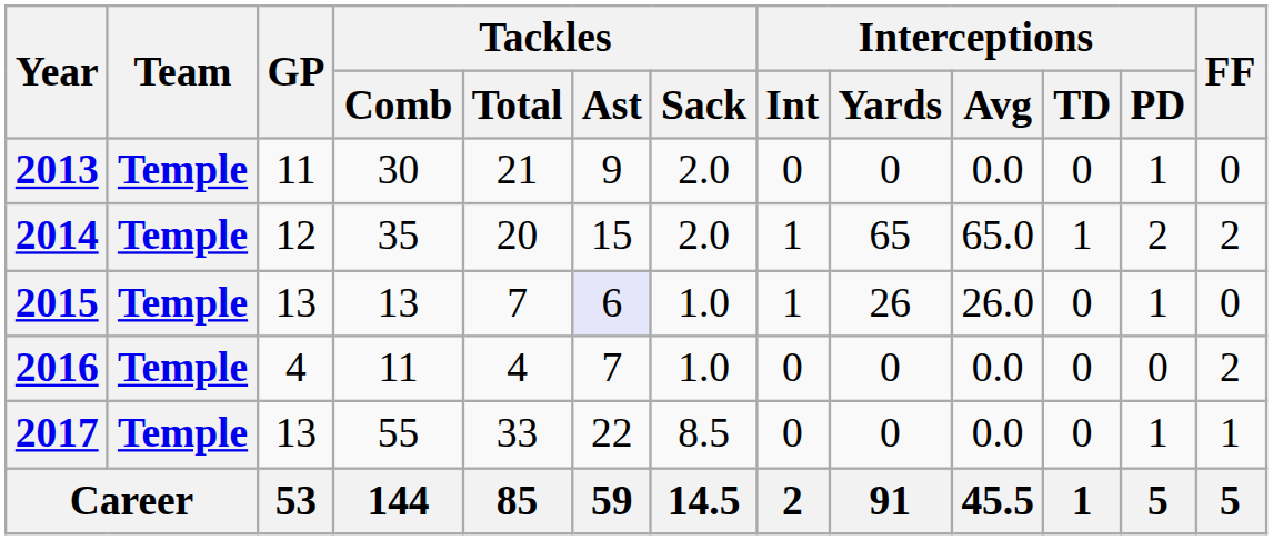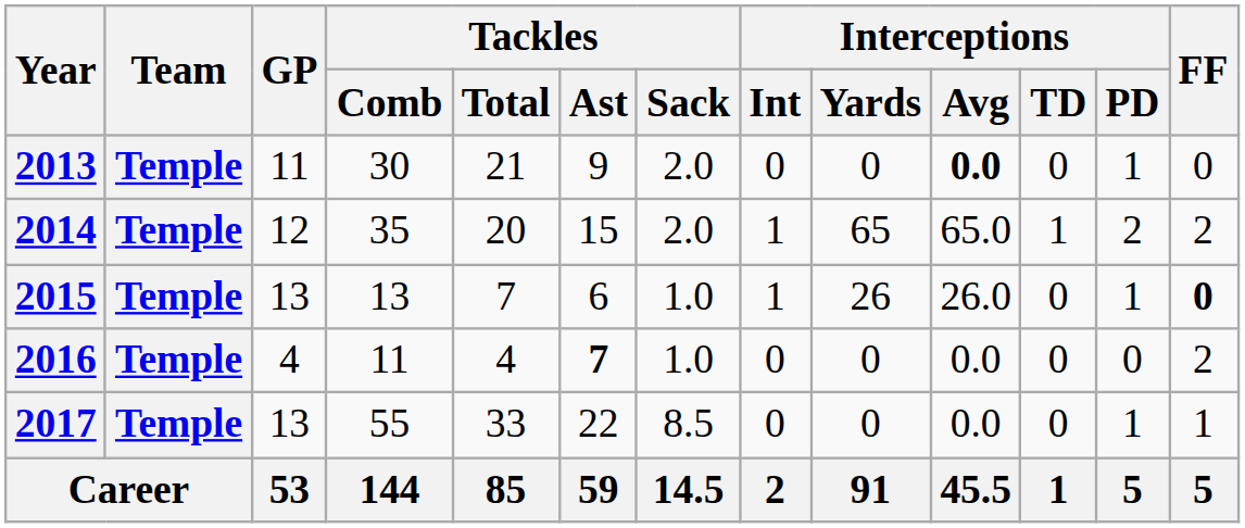 <table class="wikitable" style="text-align:center;">
 <tr>
 <th rowspan="2">Year</th>
 <th rowspan="2">Team</th>
 <th rowspan="2">GP</th>
 <th colspan="4">Tackles</th>
 <th colspan="5">Interceptions</th>
 <th rowspan="2">FF</th>
 </tr>
 <tr>
 <th>Comb</th>
 <th>Total</th>
 <th>Ast</th>
 <th>Sack</th>
 <th>Int</th>
 <th>Yards</th>
 <th>Avg</th>
 <th>TD</th>
 <th>PD</th>
 </tr>
 <tr>
 <th><a href='#'>2013</a></th>
 <th><a href='#'>Temple</a></th>
 <td>11</td>
 <td>30</td>
 <td>21</td>
 <td>9</td>
 <td>2.0</td>
 <td>0</td>
 <td>0</td>
-<td>0.0</td>
+<td><strong>0.0</strong></td>
 <td>0</td>
 <td>1</td>
 <td>0</td>
 </tr>
 <tr>
 <th><a href='#'>2014</a></th>
 <th><a href='#'>Temple</a></th>
 <td>12</td>
 <td>35</td>
 <td>20</td>
 <td>15</td>
 <td>2.0</td>
 <td>1</td>
 <td>65</td>
 <td>65.0</td>
 <td>1</td>
 <td>2</td>
 <td>2</td>
 </tr>
 <tr>
 <th><a href='#'>2015</a></th>
 <th><a href='#'>Temple</a></th>
 <td>13</td>
 <td>13</td>
 <td>7</td>
-<td style="background: lavender;">6</td>
+<td>6</td>
 <td>1.0</td>
 <td>1</td>
 <td>26</td>
 <td>26.0</td>
 <td>0</td>
 <td>1</td>
-<td>0</td>
+<td><strong>0</strong></td>
 </tr>
 <tr>
 <th><a href='#'>2016</a></th>
 <th><a href='#'>Temple</a></th>
 <td>4</td>
 <td>11</td>
 <td>4</td>
-<td>7</td>
+<td><strong>7</strong></td>
 <td>1.0</td>
 <td>0</td>
 <td>0</td>
 <td>0.0</td>
 <td>0</td>
 <td>0</td>
 <td>2</td>
 </tr>
 <tr>
 <th><a href='#'>2017</a></th>
 <th><a href='#'>Temple</a></th>
 <td>13</td>
 <td>55</td>
 <td>33</td>
 <td>22</td>
 <td>8.5</td>
 <td>0</td>
 <td>0</td>
 <td>0.0</td>
 <td>0</td>
 <td>1</td>
 <td>1</td>
 </tr>
 <tr>
 <th colspan="2">Career</th>
 <th>53</th>
 <th>144</th>
 <th>85</th>
 <th>59</th>
 <th>14.5</th>
 <th>2</th>
 <th>91</th>
 <th>45.5</th>
 <th>1</th>
 <th>5</th>
 <th>5</th>
 </tr>
 </table>
